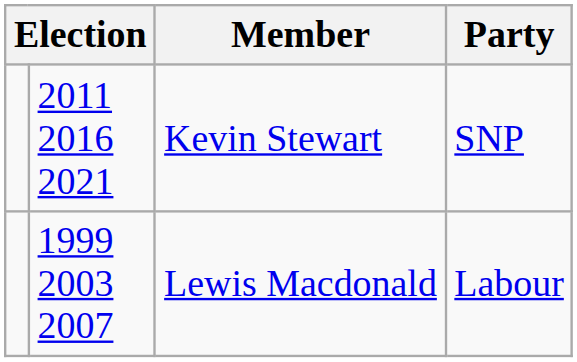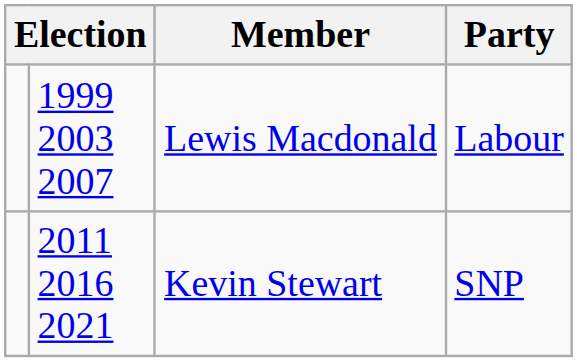 <table class="wikitable">
 <tr>
 <th colspan="2">Election</th>
 <th>Member</th>
 <th>Party</th>
 </tr>
 <tr>
 <td style="background-color: "></td>
+<td><a href='#'>1999</a><br><a href='#'>2003</a><br><a href='#'>2007</a></td>
+<td><a href='#'>Lewis Macdonald</a></td>
+<td><a href='#'>Labour</a></td>
+</tr>
+<tr>
+<td style="background-color: "></td>
 <td><a href='#'>2011</a><br><a href='#'>2016</a><br><a href='#'>2021</a></td>
 <td><a href='#'>Kevin Stewart</a></td>
 <td><a href='#'>SNP</a></td>
 </tr>
-<tr>
-<td style="background-color: "></td>
-<td><a href='#'>1999</a><br><a href='#'>2003</a><br><a href='#'>2007</a></td>
-<td><a href='#'>Lewis Macdonald</a></td>
-<td><a href='#'>Labour</a></td>
-</tr>
 </table>
